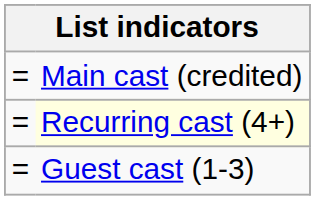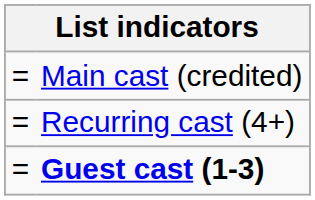 <table class="wikitable" style="text-size:small">
 <tr>
 <th colspan="3">List indicators</th>
 </tr>
 <tr>
 <td style="border-right-style:none">    =</td>
 <td style="border-left-style:none"><a href='#'>Main cast</a> (credited)</td>
 </tr>
 <tr>
 <td style="border-right-style:none"> =</td>
-<td style="background: lightyellow; border-left-style:none"><a href='#'>Recurring cast</a> (4+)</td>
+<td style="border-left-style:none"><a href='#'>Recurring cast</a> (4+)</td>
 </tr>
 <tr>
 <td style="border-right-style:none"> =</td>
-<td style="border-left-style:none"><a href='#'>Guest cast</a> (1-3)</td>
+<td style="border-left-style:none"><strong><a href='#'>Guest cast</a> (1-3)</strong></td>
 </tr>
 </table>
